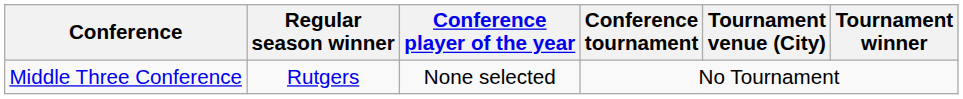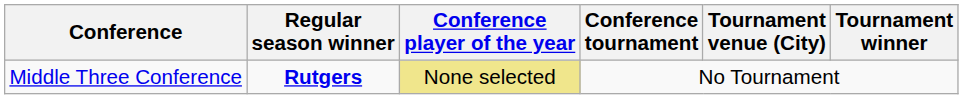 <table class="wikitable" style="text-align:center;">
 <tr>
 <th>Conference</th>
 <th>Regular <br> season winner</th>
 <th><a href='#'>Conference <br> player of the year</a></th>
 <th>Conference <br> tournament</th>
 <th>Tournament <br> venue (City)</th>
 <th>Tournament <br> winner</th>
 </tr>
 <tr>
 <td><a href='#'>Middle Three Conference</a></td>
-<td><a href='#'>Rutgers</a></td>
-<td>None selected</td>
+<td><strong><a href='#'>Rutgers</a></strong></td>
+<td style="background: khaki;">None selected</td>
 <td colspan=3>No Tournament</td>
 </tr>
 </table>
